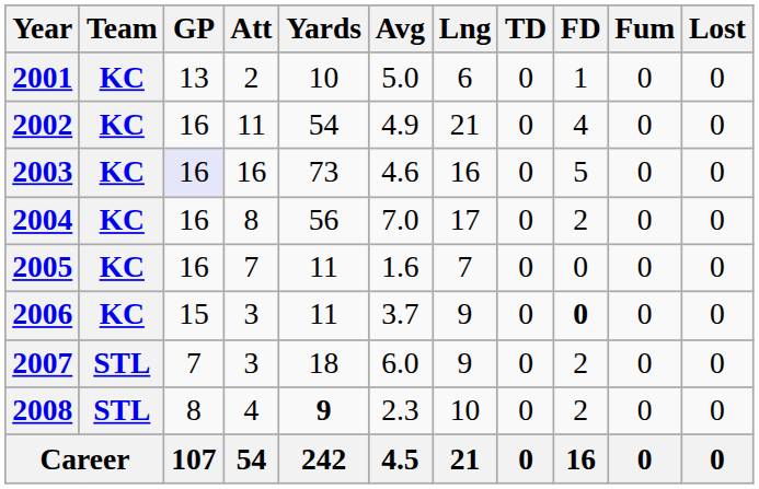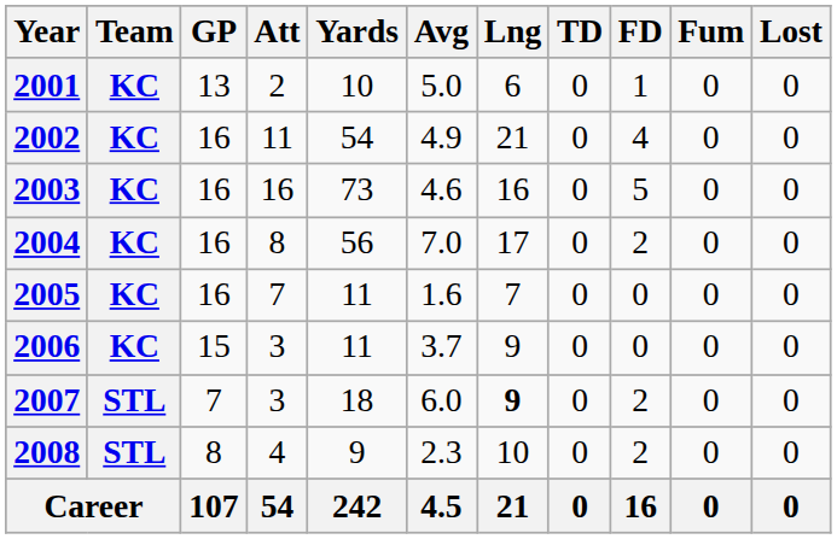 <table class="wikitable" style="text-align: center;">
 <tr>
 <th>Year</th>
 <th>Team</th>
 <th>GP</th>
 <th>Att</th>
 <th>Yards</th>
 <th>Avg</th>
 <th>Lng</th>
 <th>TD</th>
 <th>FD</th>
 <th>Fum</th>
 <th>Lost</th>
 </tr>
 <tr>
 <th><a href='#'>2001</a></th>
 <th><a href='#'>KC</a></th>
 <td>13</td>
 <td>2</td>
 <td>10</td>
 <td>5.0</td>
 <td>6</td>
 <td>0</td>
 <td>1</td>
 <td>0</td>
 <td>0</td>
 </tr>
 <tr>
 <th><a href='#'>2002</a></th>
 <th><a href='#'>KC</a></th>
 <td>16</td>
 <td>11</td>
 <td>54</td>
 <td>4.9</td>
 <td>21</td>
 <td>0</td>
 <td>4</td>
 <td>0</td>
 <td>0</td>
 </tr>
 <tr>
 <th><a href='#'>2003</a></th>
 <th><a href='#'>KC</a></th>
-<td style="background: lavender;">16</td>
+<td>16</td>
 <td>16</td>
 <td>73</td>
 <td>4.6</td>
 <td>16</td>
 <td>0</td>
 <td>5</td>
 <td>0</td>
 <td>0</td>
 </tr>
 <tr>
 <th><a href='#'>2004</a></th>
 <th><a href='#'>KC</a></th>
 <td>16</td>
 <td>8</td>
 <td>56</td>
 <td>7.0</td>
 <td>17</td>
 <td>0</td>
 <td>2</td>
 <td>0</td>
 <td>0</td>
 </tr>
 <tr>
 <th><a href='#'>2005</a></th>
 <th><a href='#'>KC</a></th>
 <td>16</td>
 <td>7</td>
 <td>11</td>
 <td>1.6</td>
 <td>7</td>
 <td>0</td>
 <td>0</td>
 <td>0</td>
 <td>0</td>
 </tr>
 <tr>
 <th><a href='#'>2006</a></th>
 <th><a href='#'>KC</a></th>
 <td>15</td>
 <td>3</td>
 <td>11</td>
 <td>3.7</td>
 <td>9</td>
 <td>0</td>
-<td><strong>0</strong></td>
+<td>0</td>
 <td>0</td>
 <td>0</td>
 </tr>
 <tr>
 <th><a href='#'>2007</a></th>
 <th><a href='#'>STL</a></th>
 <td>7</td>
 <td>3</td>
 <td>18</td>
 <td>6.0</td>
-<td>9</td>
+<td><strong>9</strong></td>
 <td>0</td>
 <td>2</td>
 <td>0</td>
 <td>0</td>
 </tr>
 <tr>
 <th><a href='#'>2008</a></th>
 <th><a href='#'>STL</a></th>
 <td>8</td>
 <td>4</td>
-<td><strong>9</strong></td>
+<td>9</td>
 <td>2.3</td>
 <td>10</td>
 <td>0</td>
 <td>2</td>
 <td>0</td>
 <td>0</td>
 </tr>
 <tr>
 <th colspan="2">Career</th>
 <th>107</th>
 <th>54</th>
 <th>242</th>
 <th>4.5</th>
 <th>21</th>
 <th>0</th>
 <th>16</th>
 <th>0</th>
 <th>0</th>
 </tr>
 </table>
